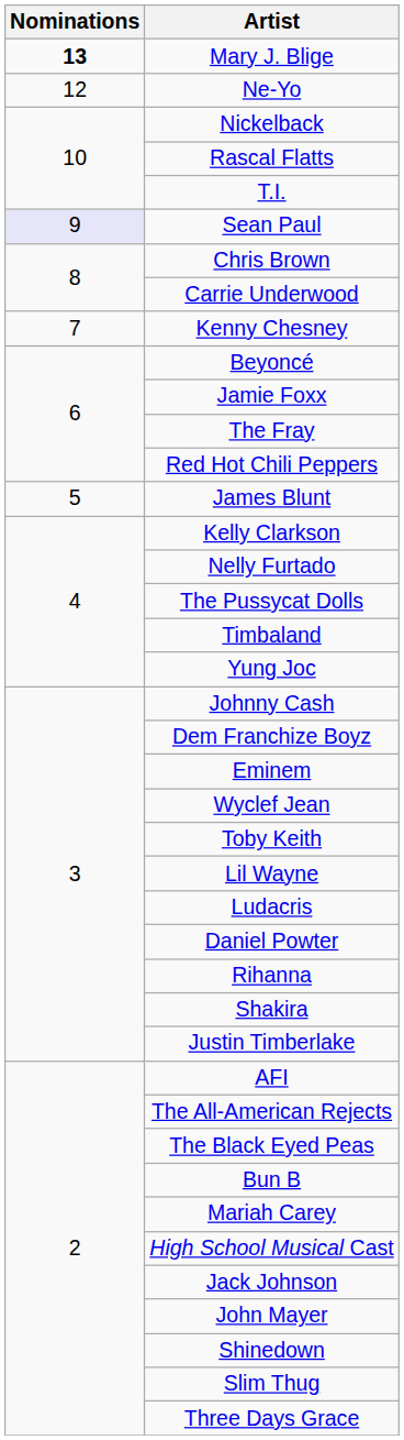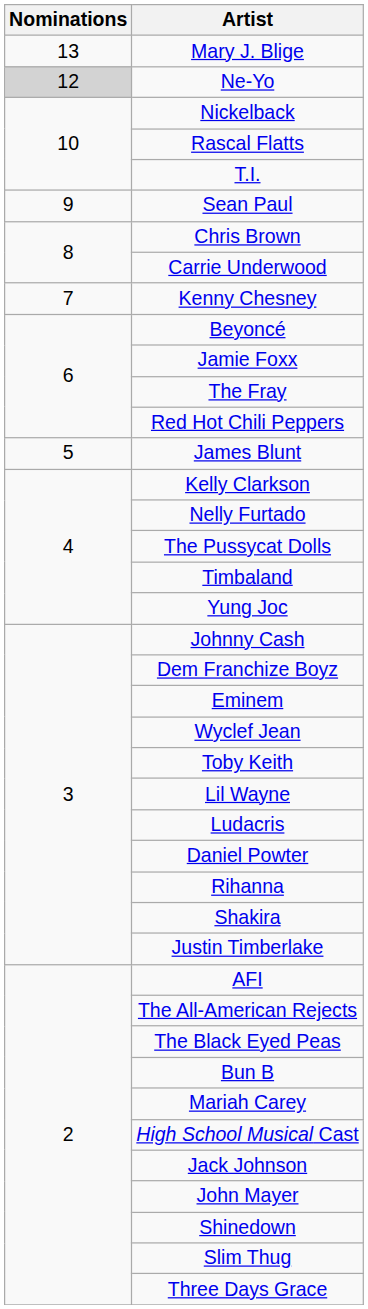 <table class="wikitable" rowspan="2" style="text-align:center;">
 <tr>
 <th scope="col" style="width:55px;">Nominations</th>
 <th scope="col" style="text-align:center;">Artist</th>
 </tr>
 <tr>
-<td style="text-align:center"><strong>13</strong></td>
+<td style="text-align:center">13</td>
 <td><a href='#'>Mary J. Blige</a></td>
 </tr>
 <tr>
-<td style="text-align:center">12</td>
+<td style="background: lightgrey; text-align:center">12</td>
 <td><a href='#'>Ne-Yo</a></td>
 </tr>
 <tr>
 <td rowspan="3" style="text-align:center">10</td>
 <td><a href='#'>Nickelback</a></td>
 </tr>
 <tr>
 <td><a href='#'>Rascal Flatts</a></td>
 </tr>
 <tr>
 <td><a href='#'>T.I.</a></td>
 </tr>
 <tr>
-<td style="background: lavender; text-align:center">9</td>
+<td style="text-align:center">9</td>
 <td><a href='#'>Sean Paul</a></td>
 </tr>
 <tr>
 <td rowspan="2" style="text-align:center">8</td>
 <td><a href='#'>Chris Brown</a></td>
 </tr>
 <tr>
 <td><a href='#'>Carrie Underwood</a></td>
 </tr>
 <tr>
 <td style="text-align:center">7</td>
 <td><a href='#'>Kenny Chesney</a></td>
 </tr>
 <tr>
 <td rowspan="4" style="text-align:center">6</td>
 <td><a href='#'>Beyoncé</a></td>
 </tr>
 <tr>
 <td><a href='#'>Jamie Foxx</a></td>
 </tr>
 <tr>
 <td><a href='#'>The Fray</a></td>
 </tr>
 <tr>
 <td><a href='#'>Red Hot Chili Peppers</a></td>
 </tr>
 <tr>
 <td style="text-align:center">5</td>
 <td><a href='#'>James Blunt</a></td>
 </tr>
 <tr>
 <td rowspan="5" style="text-align:center">4</td>
 <td><a href='#'>Kelly Clarkson</a></td>
 </tr>
 <tr>
 <td><a href='#'>Nelly Furtado</a></td>
 </tr>
 <tr>
 <td><a href='#'>The Pussycat Dolls</a></td>
 </tr>
 <tr>
 <td><a href='#'>Timbaland</a></td>
 </tr>
 <tr>
 <td><a href='#'>Yung Joc</a></td>
 </tr>
 <tr>
 <td rowspan="11" style="text-align:center">3</td>
 <td><a href='#'>Johnny Cash</a></td>
 </tr>
 <tr>
 <td><a href='#'>Dem Franchize Boyz</a></td>
 </tr>
 <tr>
 <td><a href='#'>Eminem</a></td>
 </tr>
 <tr>
 <td><a href='#'>Wyclef Jean</a></td>
 </tr>
 <tr>
 <td><a href='#'>Toby Keith</a></td>
 </tr>
 <tr>
 <td><a href='#'>Lil Wayne</a></td>
 </tr>
 <tr>
 <td><a href='#'>Ludacris</a></td>
 </tr>
 <tr>
 <td><a href='#'>Daniel Powter</a></td>
 </tr>
 <tr>
 <td><a href='#'>Rihanna</a></td>
 </tr>
 <tr>
 <td><a href='#'>Shakira</a></td>
 </tr>
 <tr>
 <td><a href='#'>Justin Timberlake</a></td>
 </tr>
 <tr>
 <td rowspan="11" style="text-align:center">2</td>
 <td><a href='#'>AFI</a></td>
 </tr>
 <tr>
 <td><a href='#'>The All-American Rejects</a></td>
 </tr>
 <tr>
 <td><a href='#'>The Black Eyed Peas</a></td>
 </tr>
 <tr>
 <td><a href='#'>Bun B</a></td>
 </tr>
 <tr>
 <td><a href='#'>Mariah Carey</a></td>
 </tr>
 <tr>
 <td><a href='#'><em>High School Musical</em> Cast</a></td>
 </tr>
 <tr>
 <td><a href='#'>Jack Johnson</a></td>
 </tr>
 <tr>
 <td><a href='#'>John Mayer</a></td>
 </tr>
 <tr>
 <td><a href='#'>Shinedown</a></td>
 </tr>
 <tr>
 <td><a href='#'>Slim Thug</a></td>
 </tr>
 <tr>
 <td><a href='#'>Three Days Grace</a></td>
 </tr>
 <tr>
 </tr>
 </table>
